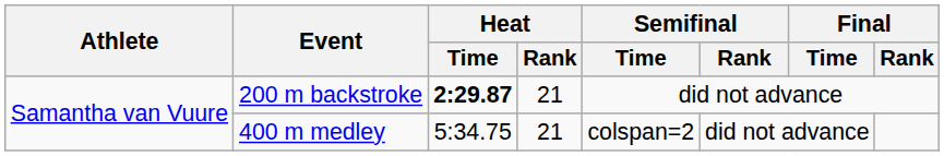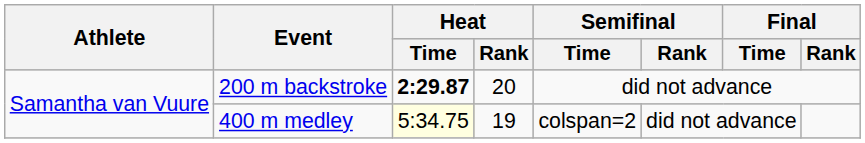 <table class="wikitable" style="text-align:center; font-size:90%">
 <tr>
 <th rowspan="2">Athlete</th>
 <th rowspan="2">Event</th>
 <th colspan="2">Heat</th>
 <th colspan="2">Semifinal</th>
 <th colspan="2">Final</th>
 </tr>
 <tr style="font-size:95%">
 <th>Time</th>
 <th>Rank</th>
 <th>Time</th>
 <th>Rank</th>
 <th>Time</th>
 <th>Rank</th>
 </tr>
 <tr>
 <td align=left rowspan=2><a href='#'>Samantha van Vuure</a></td>
 <td align=left><a href='#'>200 m backstroke</a></td>
 <td><strong>2:29.87</strong></td>
-<td>21</td>
+<td>20</td>
 <td colspan=4>did not advance</td>
 </tr>
 <tr>
 <td align=left><a href='#'>400 m medley</a></td>
-<td>5:34.75</td>
-<td>21</td>
+<td style="background: lightyellow;">5:34.75</td>
+<td>19</td>
 <td>colspan=2</td>
 <td colspan=2>did not advance</td>
 </tr>
 </table>
